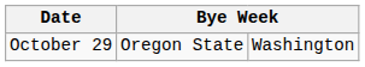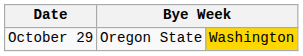 <table class="wikitable" style="font-size:95%;">
 <tr>
 <th>Date</th>
 <th colspan="2">Bye Week</th>
 </tr>
 <tr>
 <td>October 29</td>
 <td>Oregon State</td>
-<td>Washington</td>
+<td style="background: gold;">Washington</td>
 </tr>
 </table>
